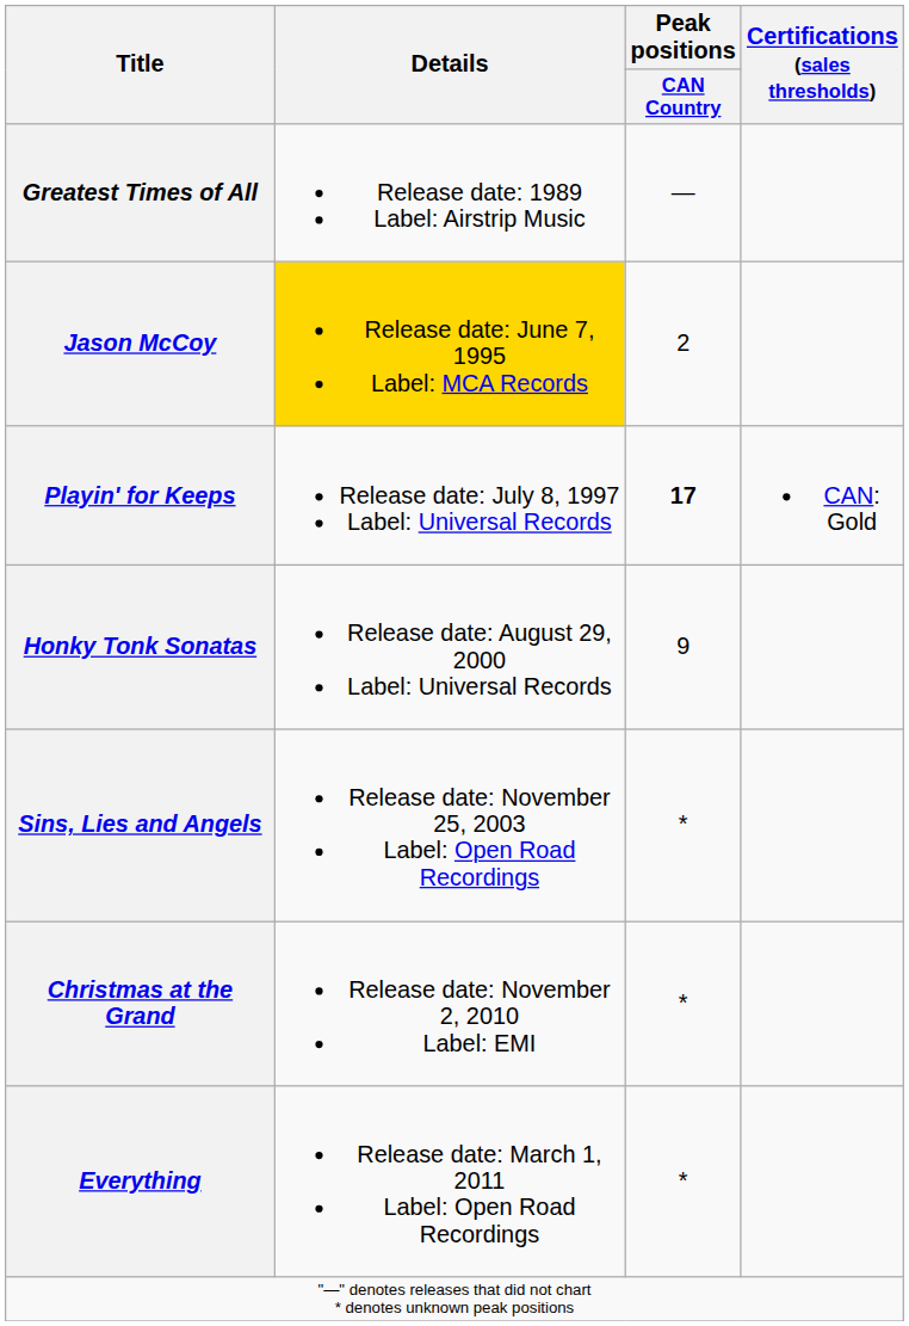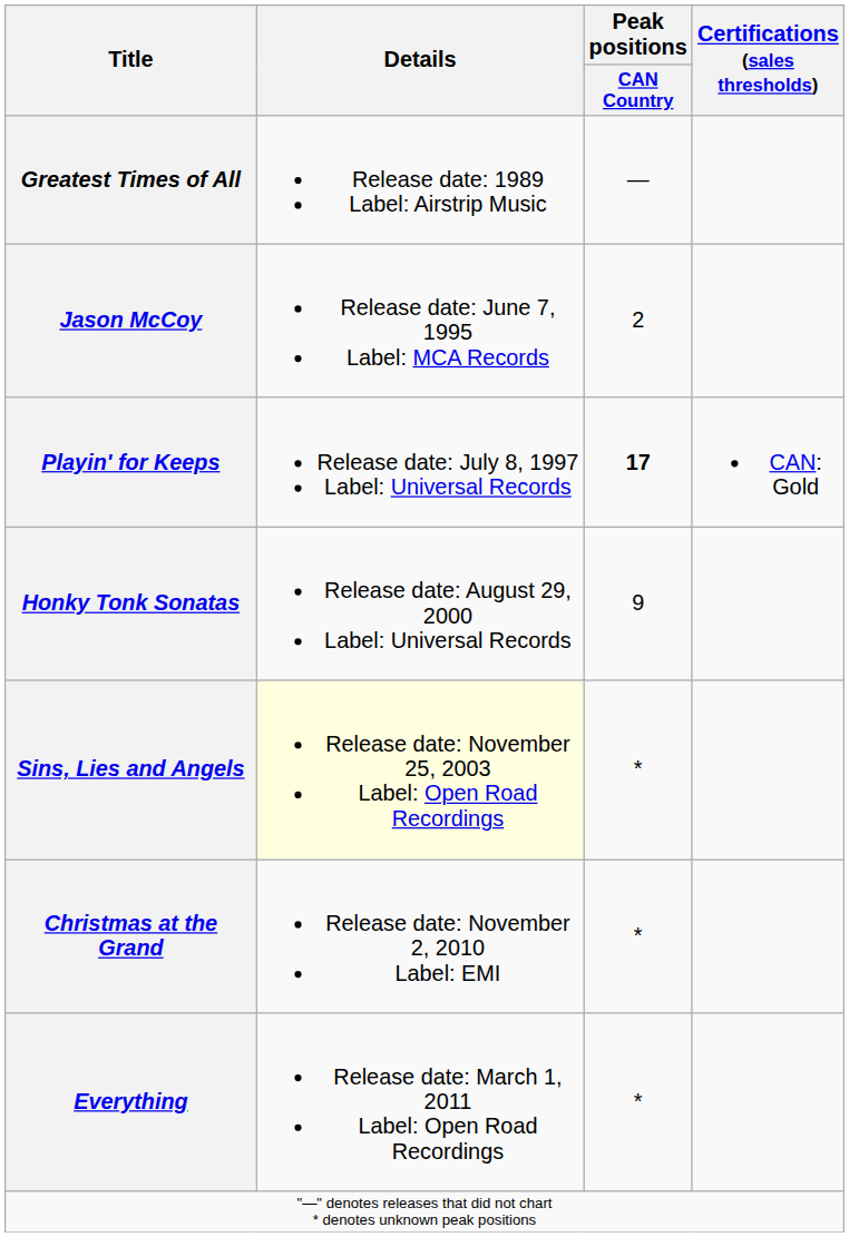 <table class="wikitable plainrowheaders" style="text-align:center;">
 <tr>
 <th rowspan="2" style="width:14em;">Title</th>
 <th rowspan="2" style="width:18em;">Details</th>
 <th>Peak positions</th>
 <th rowspan="2"><a href='#'>Certifications</a><br><small>(<a href='#'>sales thresholds</a>)</small></th>
 </tr>
 <tr style="font-size:smaller;">
 <th style="width:65px;"><a href='#'>CAN Country</a></th>
 </tr>
 <tr>
 <th scope="row"><em>Greatest Times of All</em></th>
 <td><br><ul><li>Release date: 1989</li><li>Label: Airstrip Music</li></ul></td>
 <td>—</td>
 <td></td>
 </tr>
 <tr>
 <th scope="row"><em><a href='#'>Jason McCoy</a></em></th>
-<td style="background: gold;"><br><ul><li>Release date: June 7, 1995</li><li>Label: <a href='#'>MCA Records</a></li></ul></td>
+<td><br><ul><li>Release date: June 7, 1995</li><li>Label: <a href='#'>MCA Records</a></li></ul></td>
 <td>2</td>
 <td></td>
 </tr>
 <tr>
 <th scope="row"><em><a href='#'>Playin' for Keeps</a></em></th>
 <td><br><ul><li>Release date: July 8, 1997</li><li>Label: <a href='#'>Universal Records</a></li></ul></td>
 <td><strong>17</strong></td>
 <td><br><ul><li><a href='#'>CAN</a>: Gold</li></ul></td>
 </tr>
 <tr>
 <th scope="row"><em><a href='#'>Honky Tonk Sonatas</a></em></th>
 <td><br><ul><li>Release date: August 29, 2000</li><li>Label: Universal Records</li></ul></td>
 <td>9</td>
 <td></td>
 </tr>
 <tr>
 <th scope="row"><em><a href='#'>Sins, Lies and Angels</a></em></th>
-<td><br><ul><li>Release date: November 25, 2003</li><li>Label: <a href='#'>Open Road Recordings</a></li></ul></td>
+<td style="background: lightyellow;"><br><ul><li>Release date: November 25, 2003</li><li>Label: <a href='#'>Open Road Recordings</a></li></ul></td>
 <td>*</td>
 <td></td>
 </tr>
 <tr>
 <th scope="row"><em><a href='#'>Christmas at the Grand</a></em></th>
 <td><br><ul><li>Release date: November 2, 2010</li><li>Label: EMI</li></ul></td>
 <td>*</td>
 <td></td>
 </tr>
 <tr>
 <th scope="row"><em><a href='#'>Everything</a></em></th>
 <td><br><ul><li>Release date: March 1, 2011</li><li>Label: Open Road Recordings</li></ul></td>
 <td>*</td>
 <td></td>
 </tr>
 <tr>
 <td colspan="4" style="text-align:center; font-size:8pt;">"—" denotes releases that did not chart<br>* denotes unknown peak positions</td>
 </tr>
 </table>
